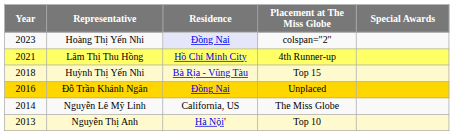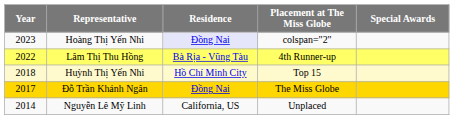 <table class="wikitable sortable" style="font-size: 85%; text-align:center">
 <tr>
 <th width="80" style="background-color:#787878;color:#FFFFFF;">Year</th>
 <th width="230" style="background-color:#787878;color:#FFFFFF;">Representative</th>
 <th width="200" style="background-color:#787878;color:#FFFFFF;">Residence</th>
 <th width="200" style="background-color:#787878;color:#FFFFFF;">Placement at The Miss Globe</th>
 <th width="210" style="background-color:#787878;color:#FFFFFF;">Special Awards</th>
 </tr>
 <tr>
 <td> 2023</td>
 <td>Hoàng Thị Yến Nhi</td>
 <td style="background: lavender;"><a href='#'>Đồng Nai</a></td>
 <td>colspan="2" </td>
 </tr>
 <tr style="background-color:#FFFF66; ">
-<td> 2021</td>
+<td> 2022</td>
 <td>Lâm Thị Thu Hồng</td>
-<td><a href='#'>Hồ Chí Minh City</a></td>
+<td><a href='#'>Bà Rịa - Vũng Tàu</a></td>
 <td>4th Runner-up</td>
 <td style="background:;"></td>
 </tr>
 <tr style="background-color:#FFFACD; ">
 <td> 2018</td>
 <td>Huỳnh Thị Yến Nhi</td>
-<td><a href='#'>Bà Rịa - Vũng Tàu</a></td>
+<td><a href='#'>Hồ Chí Minh City</a></td>
 <td>Top 15</td>
 <td></td>
 </tr>
 <tr style="background-color:GOLD; ">
-<td> 2016</td>
+<td> 2017</td>
 <td>Đỗ Trần Khánh Ngân</td>
 <td><a href='#'>Đồng Nai</a></td>
-<td>Unplaced</td>
+<td>The Miss Globe</td>
 <td style="background:;"></td>
 </tr>
 <tr>
 <td> 2014</td>
 <td>Nguyễn Lê Mỹ Linh</td>
 <td>California, US</td>
-<td>The Miss Globe</td>
-<td></td>
-</tr>
-<tr style="background-color:#FFFACD; ">
-<td> 2013</td>
-<td>Nguyễn Thị Anh</td>
-<td><a href='#'>Hà Nội</a>'</td>
-<td>Top 10</td>
+<td>Unplaced</td>
 <td></td>
 </tr>
 </table>
